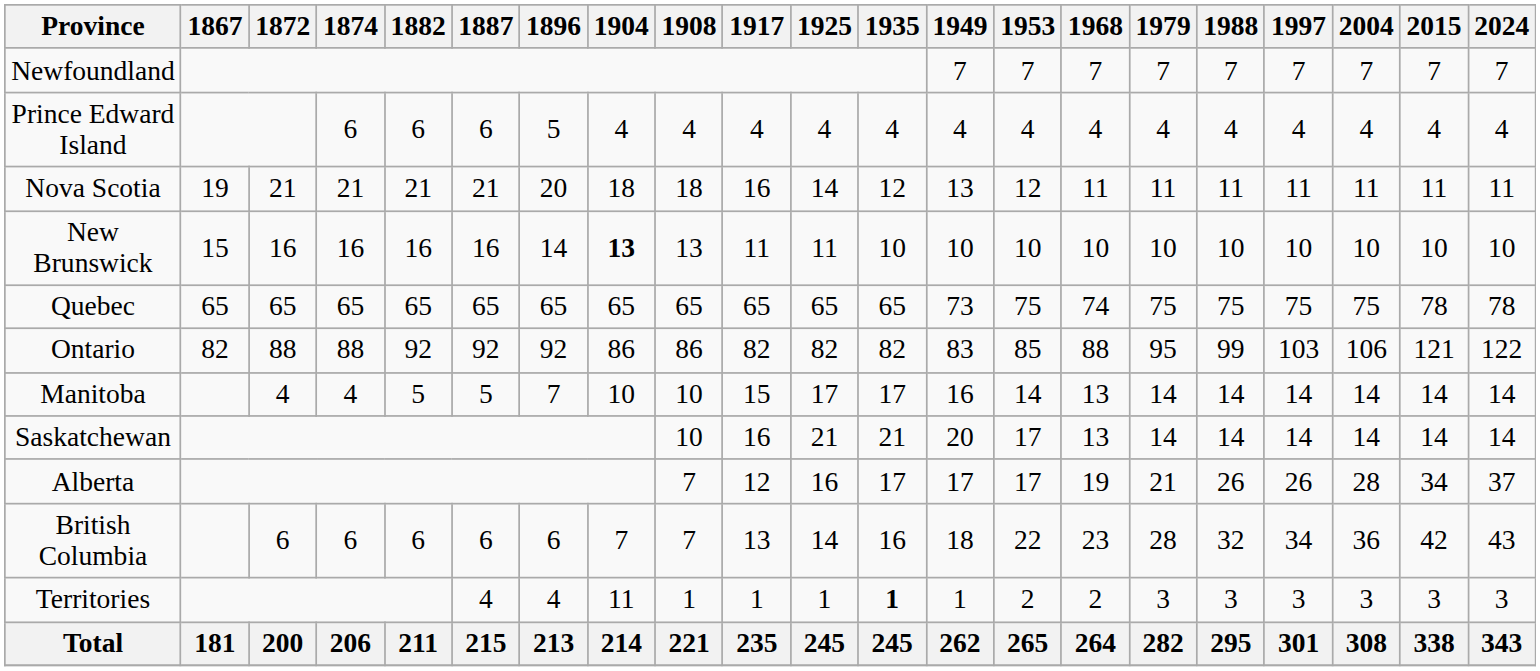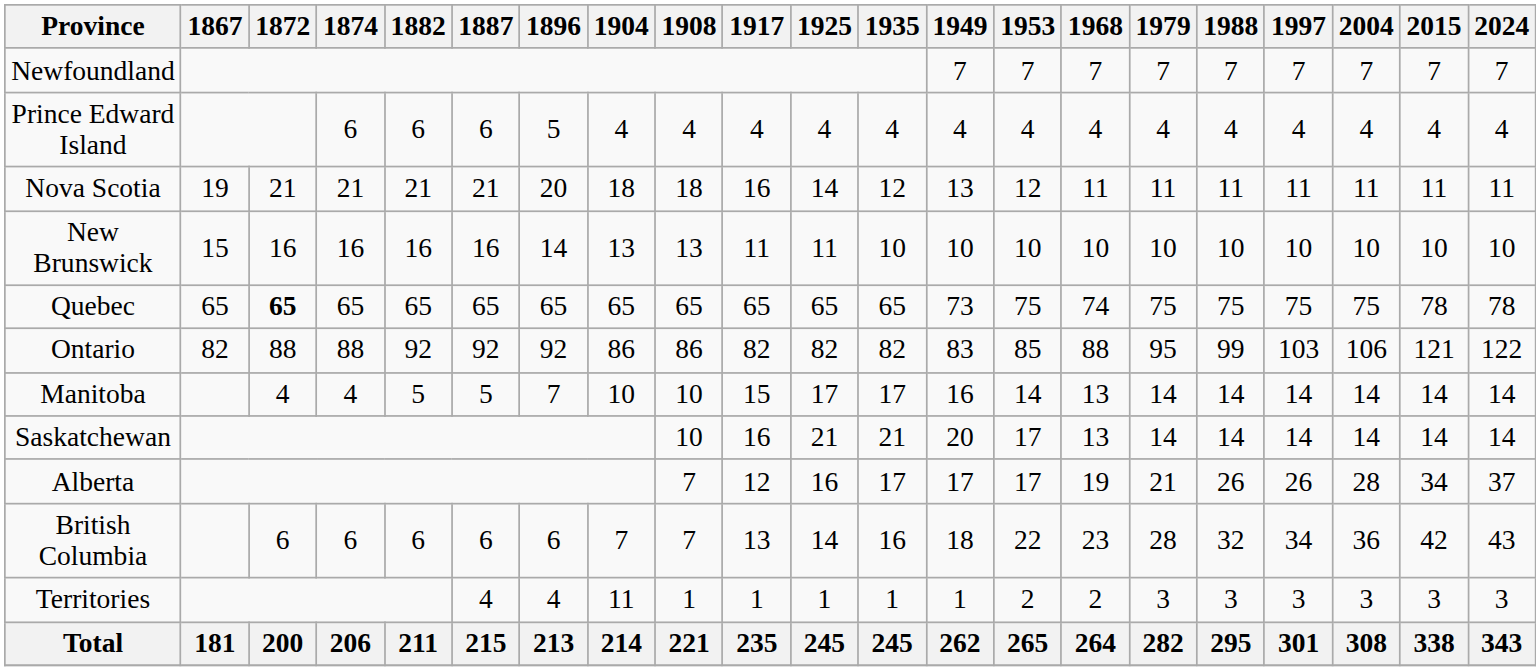 <table class="wikitable" style="text-align:center">
 <tr>
 <th>Province</th>
 <th>1867</th>
 <th>1872</th>
 <th>1874</th>
 <th>1882</th>
 <th>1887</th>
 <th>1896</th>
 <th>1904</th>
 <th>1908</th>
 <th>1917</th>
 <th>1925</th>
 <th>1935</th>
 <th>1949</th>
 <th>1953</th>
 <th>1968</th>
 <th>1979</th>
 <th>1988</th>
 <th>1997</th>
 <th>2004</th>
 <th>2015</th>
 <th>2024</th>
 </tr>
 <tr>
 <td>Newfoundland</td>
 <td colspan=11></td>
 <td>7</td>
 <td>7</td>
 <td>7</td>
 <td>7</td>
 <td>7</td>
 <td>7</td>
 <td>7</td>
 <td>7</td>
 <td>7</td>
 </tr>
 <tr>
 <td>Prince Edward Island</td>
 <td colspan=2></td>
 <td>6</td>
 <td>6</td>
 <td>6</td>
 <td>5</td>
 <td>4</td>
 <td>4</td>
 <td>4</td>
 <td>4</td>
 <td>4</td>
 <td>4</td>
 <td>4</td>
 <td>4</td>
 <td>4</td>
 <td>4</td>
 <td>4</td>
 <td>4</td>
 <td>4</td>
 <td>4</td>
 </tr>
 <tr>
 <td>Nova Scotia</td>
 <td>19</td>
 <td>21</td>
 <td>21</td>
 <td>21</td>
 <td>21</td>
 <td>20</td>
 <td>18</td>
 <td>18</td>
 <td>16</td>
 <td>14</td>
 <td>12</td>
 <td>13</td>
 <td>12</td>
 <td>11</td>
 <td>11</td>
 <td>11</td>
 <td>11</td>
 <td>11</td>
 <td>11</td>
 <td>11</td>
 </tr>
 <tr>
 <td>New Brunswick</td>
 <td>15</td>
 <td>16</td>
 <td>16</td>
 <td>16</td>
 <td>16</td>
 <td>14</td>
-<td><strong>13</strong></td>
+<td>13</td>
 <td>13</td>
 <td>11</td>
 <td>11</td>
 <td>10</td>
 <td>10</td>
 <td>10</td>
 <td>10</td>
 <td>10</td>
 <td>10</td>
 <td>10</td>
 <td>10</td>
 <td>10</td>
 <td>10</td>
 </tr>
 <tr>
 <td>Quebec</td>
 <td>65</td>
-<td>65</td>
+<td><strong>65</strong></td>
 <td>65</td>
 <td>65</td>
 <td>65</td>
 <td>65</td>
 <td>65</td>
 <td>65</td>
 <td>65</td>
 <td>65</td>
 <td>65</td>
 <td>73</td>
 <td>75</td>
 <td>74</td>
 <td>75</td>
 <td>75</td>
 <td>75</td>
 <td>75</td>
 <td>78</td>
 <td>78</td>
 </tr>
 <tr>
 <td>Ontario</td>
 <td>82</td>
 <td>88</td>
 <td>88</td>
 <td>92</td>
 <td>92</td>
 <td>92</td>
 <td>86</td>
 <td>86</td>
 <td>82</td>
 <td>82</td>
 <td>82</td>
 <td>83</td>
 <td>85</td>
 <td>88</td>
 <td>95</td>
 <td>99</td>
 <td>103</td>
 <td>106</td>
 <td>121</td>
 <td>122</td>
 </tr>
 <tr>
 <td>Manitoba</td>
 <td></td>
 <td>4</td>
 <td>4</td>
 <td>5</td>
 <td>5</td>
 <td>7</td>
 <td>10</td>
 <td>10</td>
 <td>15</td>
 <td>17</td>
 <td>17</td>
 <td>16</td>
 <td>14</td>
 <td>13</td>
 <td>14</td>
 <td>14</td>
 <td>14</td>
 <td>14</td>
 <td>14</td>
 <td>14</td>
 </tr>
 <tr>
 <td>Saskatchewan</td>
 <td colspan=7></td>
 <td>10</td>
 <td>16</td>
 <td>21</td>
 <td>21</td>
 <td>20</td>
 <td>17</td>
 <td>13</td>
 <td>14</td>
 <td>14</td>
 <td>14</td>
 <td>14</td>
 <td>14</td>
 <td>14</td>
 </tr>
 <tr>
 <td>Alberta</td>
 <td colspan=7></td>
 <td>7</td>
 <td>12</td>
 <td>16</td>
 <td>17</td>
 <td>17</td>
 <td>17</td>
 <td>19</td>
 <td>21</td>
 <td>26</td>
 <td>26</td>
 <td>28</td>
 <td>34</td>
 <td>37</td>
 </tr>
 <tr>
 <td>British Columbia</td>
 <td></td>
 <td>6</td>
 <td>6</td>
 <td>6</td>
 <td>6</td>
 <td>6</td>
 <td>7</td>
 <td>7</td>
 <td>13</td>
 <td>14</td>
 <td>16</td>
 <td>18</td>
 <td>22</td>
 <td>23</td>
 <td>28</td>
 <td>32</td>
 <td>34</td>
 <td>36</td>
 <td>42</td>
 <td>43</td>
 </tr>
 <tr>
 <td>Territories</td>
 <td colspan=4></td>
 <td>4</td>
 <td>4</td>
 <td>11</td>
 <td>1</td>
 <td>1</td>
 <td>1</td>
-<td><strong>1</strong></td>
+<td>1</td>
 <td>1</td>
 <td>2</td>
 <td>2</td>
 <td>3</td>
 <td>3</td>
 <td>3</td>
 <td>3</td>
 <td>3</td>
 <td>3</td>
 </tr>
 <tr>
 <th>Total</th>
 <th>181</th>
 <th>200</th>
 <th>206</th>
 <th>211</th>
 <th>215</th>
 <th>213</th>
 <th>214</th>
 <th>221</th>
 <th>235</th>
 <th>245</th>
 <th>245</th>
 <th>262</th>
 <th>265</th>
 <th>264</th>
 <th>282</th>
 <th>295</th>
 <th>301</th>
 <th>308</th>
 <th>338</th>
 <th>343</th>
 </tr>
 <tr>
 </tr>
 </table>
